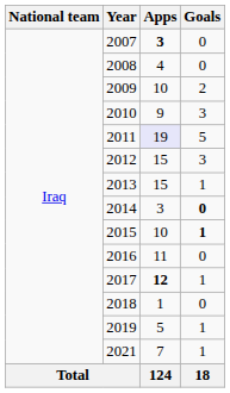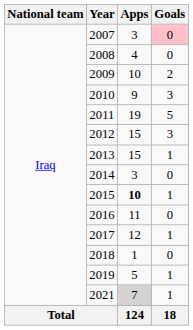 <table class="wikitable" style="text-align:center">
 <tr>
 <th>National team</th>
 <th>Year</th>
 <th>Apps</th>
 <th>Goals</th>
 </tr>
 <tr>
 <td rowspan="14"><a href='#'>Iraq</a></td>
 <td>2007</td>
-<td><strong>3</strong></td>
-<td>0</td>
+<td>3</td>
+<td style="background: pink;">0</td>
 </tr>
 <tr>
 <td>2008</td>
 <td>4</td>
 <td>0</td>
 </tr>
 <tr>
 <td>2009</td>
 <td>10</td>
 <td>2</td>
 </tr>
 <tr>
 <td>2010</td>
 <td>9</td>
 <td>3</td>
 </tr>
 <tr>
 <td>2011</td>
-<td style="background: lavender;">19</td>
+<td>19</td>
 <td>5</td>
 </tr>
 <tr>
 <td>2012</td>
 <td>15</td>
 <td>3</td>
 </tr>
 <tr>
 <td>2013</td>
 <td>15</td>
 <td>1</td>
 </tr>
 <tr>
 <td>2014</td>
 <td>3</td>
-<td><strong>0</strong></td>
+<td>0</td>
 </tr>
 <tr>
 <td>2015</td>
-<td>10</td>
-<td><strong>1</strong></td>
+<td><strong>10</strong></td>
+<td>1</td>
 </tr>
 <tr>
 <td>2016</td>
 <td>11</td>
 <td>0</td>
 </tr>
 <tr>
 <td>2017</td>
-<td><strong>12</strong></td>
+<td>12</td>
 <td>1</td>
 </tr>
 <tr>
 <td>2018</td>
 <td>1</td>
 <td>0</td>
 </tr>
 <tr>
 <td>2019</td>
 <td>5</td>
 <td>1</td>
 </tr>
 <tr>
 <td>2021</td>
-<td>7</td>
+<td style="background: lightgrey;">7</td>
 <td>1</td>
 </tr>
 <tr>
 <th colspan="2">Total</th>
 <th>124</th>
 <th>18</th>
 </tr>
 </table>
